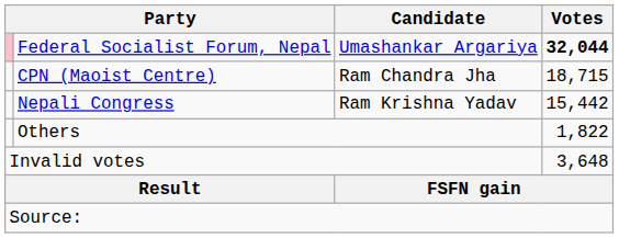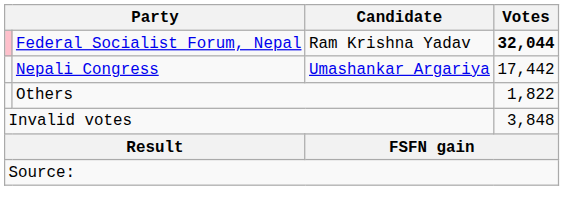 <table class="wikitable">
 <tr>
 <th colspan="2">Party</th>
 <th>Candidate</th>
 <th>Votes</th>
 </tr>
 <tr>
 <td style="background-color:#ffc0cb"></td>
 <td><a href='#'>Federal Socialist Forum, Nepal</a></td>
-<td><a href='#'>Umashankar Argariya</a></td>
+<td>Ram Krishna Yadav</td>
 <td style="text-align:right "><strong>32,044</strong></td>
 </tr>
 <tr>
 <td style="background-color:"></td>
-<td><a href='#'>CPN (Maoist Centre)</a></td>
-<td>Ram Chandra Jha</td>
-<td style="text-align:right ">18,715</td>
-</tr>
-<tr>
-<td style="background-color:"></td>
 <td><a href='#'>Nepali Congress</a></td>
-<td>Ram Krishna Yadav</td>
-<td style="text-align:right ">15,442</td>
+<td><a href='#'>Umashankar Argariya</a></td>
+<td style="text-align:right ">17,442</td>
 </tr>
 <tr>
 <td></td>
 <td colspan="2">Others</td>
 <td style="text-align:right ">1,822</td>
 </tr>
 <tr>
 <td colspan="3">Invalid votes</td>
-<td style="text-align:right ">3,648</td>
+<td style="text-align:right ">3,848</td>
 </tr>
 <tr>
 <th colspan="2">Result</th>
 <th colspan="2">FSFN gain</th>
 </tr>
 <tr>
 <td colspan="4">Source: </td>
 </tr>
 </table>
